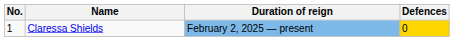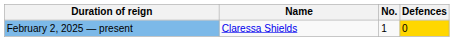 <table class="wikitable" width=80%>
 <tr>
+<th width=50%>Duration of reign</th>
+<th width=37%>Name</th>
 <th width=3%>No.</th>
-<th width=37%>Name</th>
-<th width=50%>Duration of reign</th>
 <th width=10%>Defences</th>
 </tr>
 <tr>
+<td style="background:#7CB9E8;" width=5px>February 2, 2025 — present</td>
+<td align=left> <a href='#'>Claressa Shields</a></td>
 <td>1</td>
-<td align=left> <a href='#'>Claressa Shields</a></td>
-<td style="background:#7CB9E8;" width=5px>February 2, 2025 — present</td>
 <td style="background: gold;">0</td>
 </tr>
 </table>
